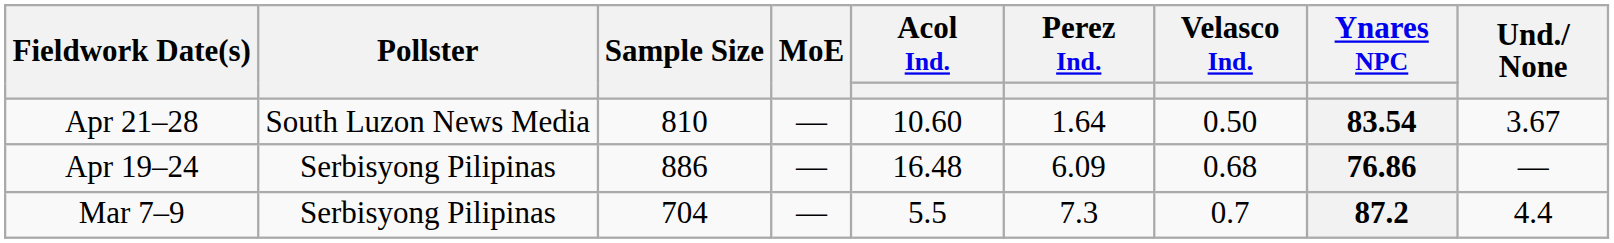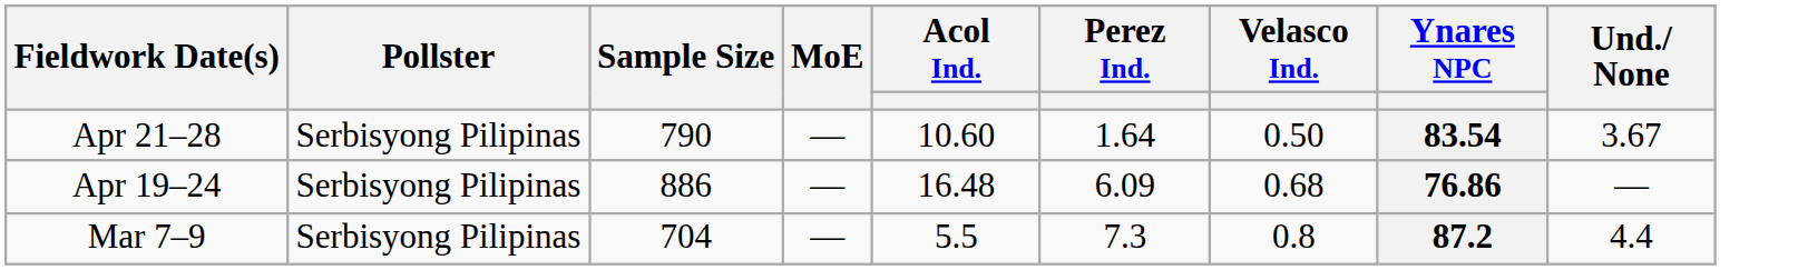 <table class="wikitable" style="text-align:center;font-size:85%;line-height:14px">
 <tr>
 <th rowspan="2">Fieldwork Date(s)</th>
 <th rowspan="2">Pollster</th>
 <th rowspan="2">Sample Size</th>
 <th rowspan="2">MoE</th>
 <th style="width:60px;">Acol<br><small><a href='#'>Ind.</a></small></th>
 <th style="width:60px;">Perez<br><small><a href='#'>Ind.</a></small></th>
 <th style="width:60px;">Velasco<br><small><a href='#'>Ind.</a></small></th>
 <th style="width:60px;"><a href='#'>Ynares</a><br><small><a href='#'>NPC</a></small></th>
 <th rowspan="2" style="width:60px;">Und./<br>None</th>
 </tr>
 <tr>
 <th style="background:"></th>
 <th style="background:"></th>
 <th style="background:"></th>
 <th style="background:"></th>
 </tr>
 <tr>
 <td>Apr 21–28</td>
-<td>South Luzon News Media</td>
-<td>810</td>
+<td>Serbisyong Pilipinas</td>
+<td>790</td>
 <td>—</td>
 <td>10.60</td>
 <td>1.64</td>
 <td>0.50</td>
 <th style="background-color:#"><strong>83.54</strong></th>
 <td>3.67</td>
 </tr>
 <tr>
 <td>Apr 19–24</td>
 <td>Serbisyong Pilipinas</td>
 <td>886</td>
 <td>—</td>
 <td>16.48</td>
 <td>6.09</td>
 <td>0.68</td>
 <th style="background-color:#"><strong>76.86</strong></th>
 <td>—</td>
 </tr>
 <tr>
 <td>Mar 7–9</td>
 <td>Serbisyong Pilipinas</td>
 <td>704</td>
 <td>—</td>
 <td>5.5</td>
 <td>7.3</td>
-<td>0.7</td>
+<td>0.8</td>
 <th style="background-color:#"><strong>87.2</strong></th>
 <td>4.4</td>
 </tr>
 </table>
